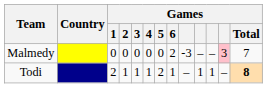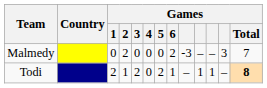 <table class="wikitable plainrowheaders" style="text-align:center;">
 <tr>
 <th rowspan=2>Team</th>
 <th rowspan=2>Country</th>
 <th colspan=11>Games</th>
 </tr>
 <tr>
 <th>1</th>
 <th>2</th>
 <th>3</th>
 <th>4</th>
 <th>5</th>
 <th>6</th>
 <th></th>
 <th></th>
 <th></th>
 <th></th>
 <th>Total</th>
 </tr>
 <tr>
 <td>Malmedy</td>
 <td style="background:yellow"></td>
 <td>0</td>
-<td>0</td>
+<td>2</td>
 <td>0</td>
 <td>0</td>
 <td>0</td>
 <td>2</td>
 <td>-3</td>
 <td>–</td>
 <td>–</td>
-<td style="background: pink;">3</td>
+<td>3</td>
 <td>7</td>
 </tr>
 <tr>
 <td>Todi</td>
 <td style="background:darkblue"></td>
 <td>2</td>
 <td>1</td>
-<td>1</td>
-<td>1</td>
+<td>2</td>
+<td>0</td>
 <td>2</td>
 <td>1</td>
 <td>–</td>
 <td>1</td>
 <td>1</td>
 <td>–</td>
 <td style="font-weight:bold; background:NavajoWhite;">8</td>
 </tr>
 </table>
